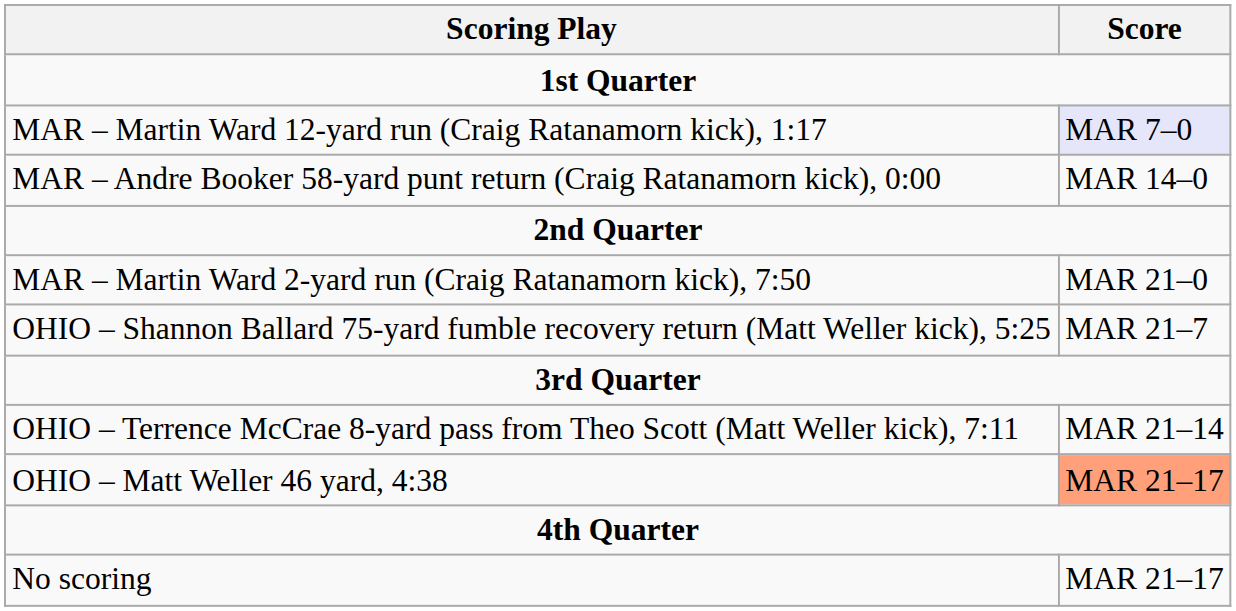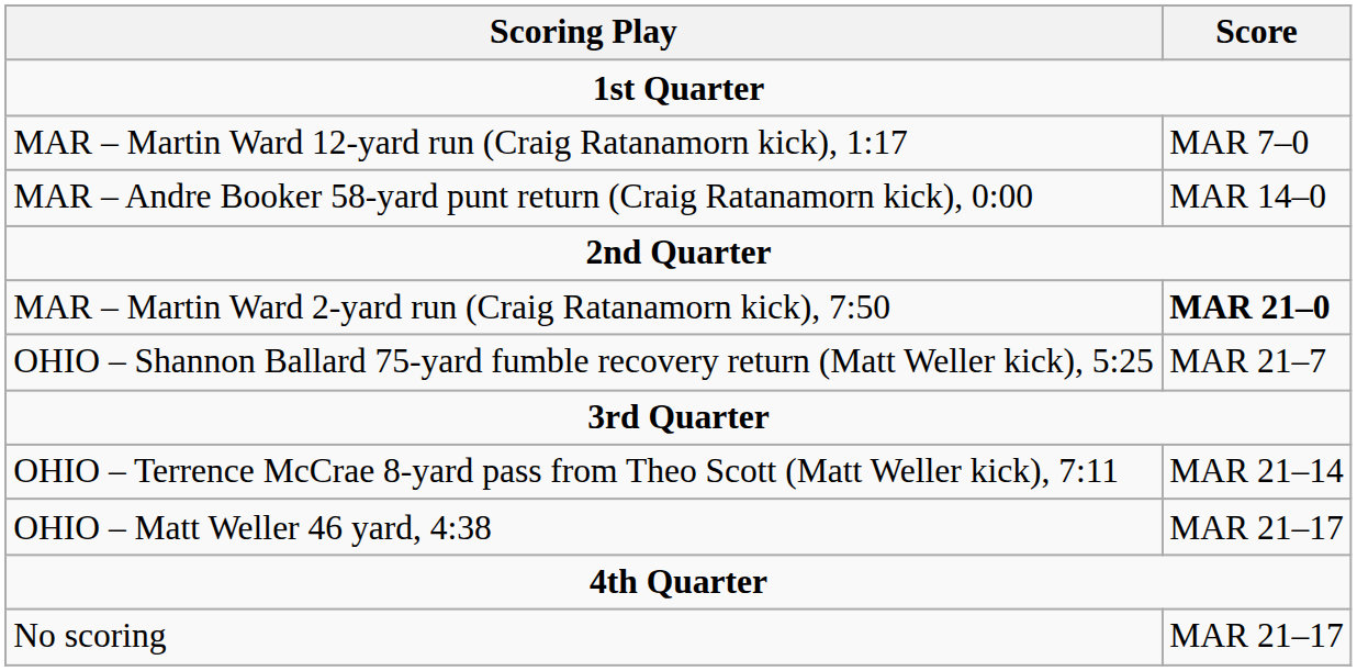 <table class="wikitable">
 <tr>
 <th>Scoring Play</th>
 <th>Score</th>
 </tr>
 <tr>
 <td colspan="4" align="center"><strong>1st Quarter</strong></td>
 </tr>
 <tr>
 <td>MAR – Martin Ward 12-yard run (Craig Ratanamorn kick), 1:17</td>
-<td style="background: lavender;">MAR 7–0</td>
+<td>MAR 7–0</td>
 </tr>
 <tr>
 <td>MAR – Andre Booker 58-yard punt return (Craig Ratanamorn kick), 0:00</td>
 <td>MAR 14–0</td>
 </tr>
 <tr>
 <td colspan="4" align="center"><strong>2nd Quarter</strong></td>
 </tr>
 <tr>
 <td>MAR – Martin Ward 2-yard run (Craig Ratanamorn kick), 7:50</td>
-<td>MAR 21–0</td>
+<td><strong>MAR 21–0</strong></td>
 </tr>
 <tr>
 <td>OHIO – Shannon Ballard 75-yard fumble recovery return (Matt Weller kick), 5:25</td>
 <td>MAR 21–7</td>
 </tr>
 <tr>
 <td colspan="4" align="center"><strong>3rd Quarter</strong></td>
 </tr>
 <tr>
 <td>OHIO – Terrence McCrae 8-yard pass from Theo Scott (Matt Weller kick), 7:11</td>
 <td>MAR 21–14</td>
 </tr>
 <tr>
 <td>OHIO – Matt Weller 46 yard, 4:38</td>
-<td style="background: lightsalmon;">MAR 21–17</td>
+<td>MAR 21–17</td>
 </tr>
 <tr>
 <td colspan="4" align="center"><strong>4th Quarter</strong></td>
 </tr>
 <tr>
 <td>No scoring</td>
 <td>MAR 21–17</td>
 </tr>
 </table>
